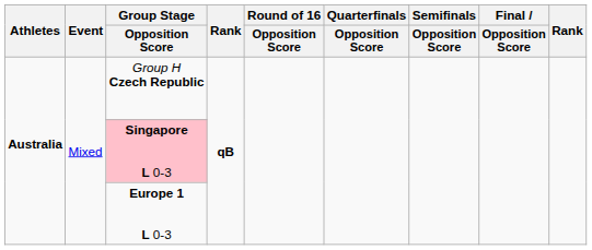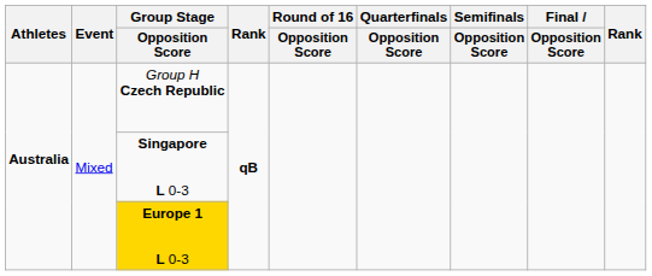 <table class=wikitable style="font-size:90%">
 <tr>
 <th rowspan="2">Athletes</th>
 <th rowspan="2">Event</th>
 <th>Group Stage</th>
 <th rowspan="2">Rank</th>
 <th>Round of 16</th>
 <th>Quarterfinals</th>
 <th>Semifinals</th>
 <th>Final / </th>
 <th rowspan=2>Rank</th>
 </tr>
 <tr style="font-size:95%">
 <th>Opposition<br>Score</th>
 <th>Opposition<br>Score</th>
 <th>Opposition<br>Score</th>
 <th>Opposition<br>Score</th>
 <th>Opposition<br>Score</th>
 </tr>
 <tr align=center>
 <td align=left rowspan=3><strong>Australia</strong><br><br></td>
 <td align=left rowspan=3><a href='#'>Mixed</a></td>
 <td><em>Group H</em><br><strong>Czech Republic</strong><br><br><br></td>
 <td rowspan=3><strong>qB</strong></td>
 <td rowspan=3></td>
 <td rowspan=3></td>
 <td rowspan=3></td>
 <td rowspan=3></td>
 <td rowspan=3></td>
 </tr>
 <tr align=center>
-<td style="background: pink;"><strong>Singapore</strong><br><br><br><strong>L</strong> 0-3</td>
+<td><strong>Singapore</strong><br><br><br><strong>L</strong> 0-3</td>
 </tr>
 <tr align=center>
-<td><strong>Europe 1</strong><br><br><br><strong>L</strong> 0-3</td>
+<td style="background: gold;"><strong>Europe 1</strong><br><br><br><strong>L</strong> 0-3</td>
 </tr>
 </table>
